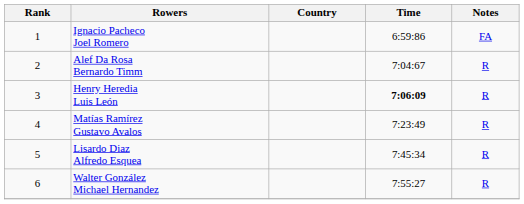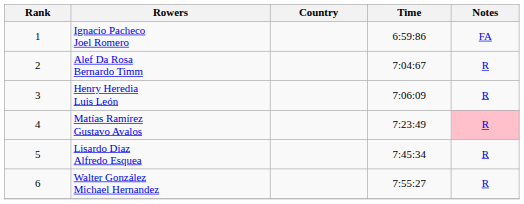 <table class="wikitable" width=60% style="text-align:center">
 <tr>
 <th>Rank</th>
 <th>Rowers</th>
 <th>Country</th>
 <th>Time</th>
 <th>Notes</th>
 </tr>
 <tr>
 <td>1</td>
 <td align=left><a href='#'>Ignacio Pacheco</a><br><a href='#'>Joel Romero</a></td>
 <td align=left></td>
 <td>6:59:86</td>
 <td><a href='#'>FA</a></td>
 </tr>
 <tr>
 <td>2</td>
 <td align=left><a href='#'>Alef Da Rosa</a><br><a href='#'>Bernardo Timm</a></td>
 <td align=left></td>
 <td>7:04:67</td>
 <td><a href='#'>R</a></td>
 </tr>
 <tr>
 <td>3</td>
 <td align=left><a href='#'>Henry Heredia</a><br><a href='#'>Luis León</a></td>
 <td align=left></td>
-<td><strong>7:06:09</strong></td>
+<td>7:06:09</td>
 <td><a href='#'>R</a></td>
 </tr>
 <tr>
 <td>4</td>
 <td align=left><a href='#'>Matías Ramírez</a><br><a href='#'>Gustavo Avalos</a></td>
 <td align=left></td>
 <td>7:23:49</td>
-<td><a href='#'>R</a></td>
+<td style="background: pink;"><a href='#'>R</a></td>
 </tr>
 <tr>
 <td>5</td>
 <td align=left><a href='#'>Lisardo Diaz</a><br><a href='#'>Alfredo Esquea</a></td>
 <td align=left></td>
 <td>7:45:34</td>
 <td><a href='#'>R</a></td>
 </tr>
 <tr>
 <td>6</td>
 <td align=left><a href='#'>Walter González</a><br><a href='#'>Michael Hernandez</a></td>
 <td align=left></td>
 <td>7:55:27</td>
 <td><a href='#'>R</a></td>
 </tr>
 <tr>
 </tr>
 </table>
